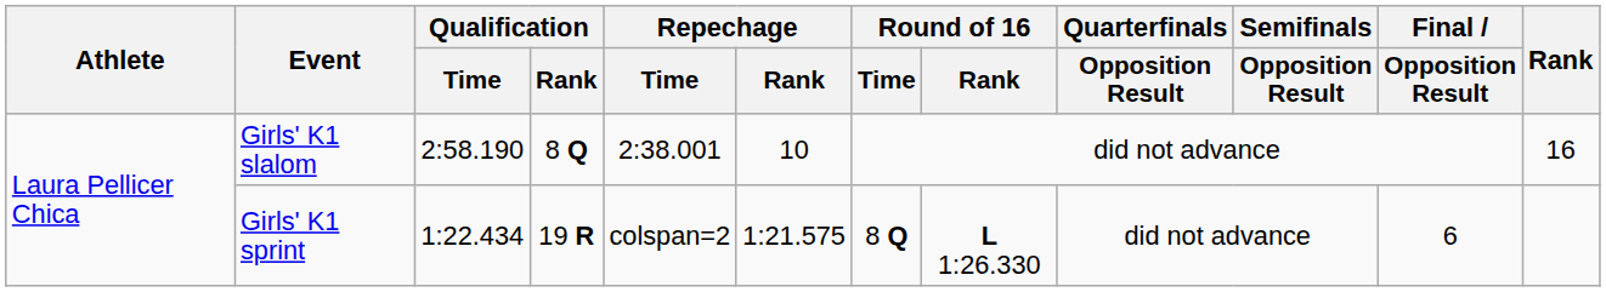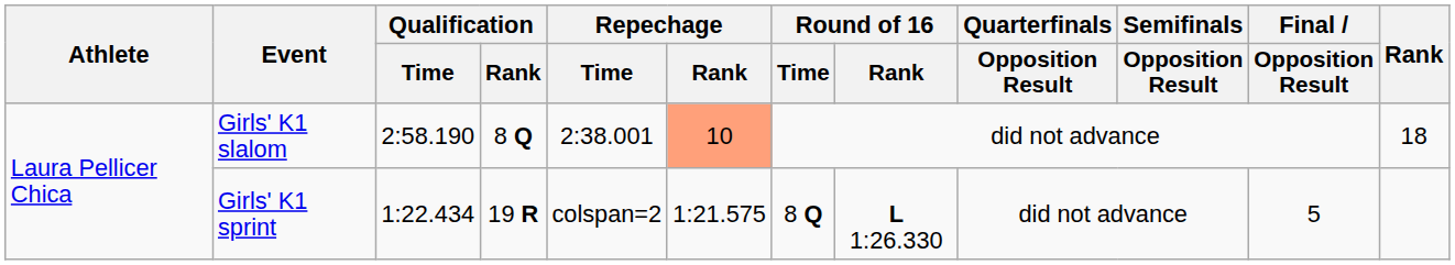 <table class="wikitable" style="font-size:90%;">
 <tr>
 <th rowspan=2>Athlete</th>
 <th rowspan=2>Event</th>
 <th colspan=2>Qualification</th>
 <th colspan=2>Repechage</th>
 <th colspan=2>Round of 16</th>
 <th>Quarterfinals</th>
 <th>Semifinals</th>
 <th>Final / </th>
 <th rowspan=2>Rank</th>
 </tr>
 <tr style="font-size:95%">
 <th>Time</th>
 <th>Rank</th>
 <th>Time</th>
 <th>Rank</th>
 <th>Time</th>
 <th>Rank</th>
 <th>Opposition <br>Result</th>
 <th>Opposition <br>Result</th>
 <th>Opposition <br>Result</th>
 </tr>
 <tr align=center>
 <td rowspan=2 align=left><a href='#'>Laura Pellicer Chica</a></td>
 <td align=left><a href='#'>Girls' K1 slalom</a></td>
 <td>2:58.190</td>
 <td>8 <strong>Q</strong></td>
 <td>2:38.001</td>
-<td>10</td>
+<td style="background: lightsalmon;">10</td>
 <td colspan=5>did not advance</td>
-<td>16</td>
+<td>18</td>
 </tr>
 <tr align=center>
 <td align=left><a href='#'>Girls' K1 sprint</a></td>
 <td>1:22.434</td>
 <td>19 <strong>R</strong></td>
 <td>colspan=2 </td>
 <td>1:21.575</td>
 <td>8 <strong>Q</strong></td>
 <td><br><strong>L</strong> 1:26.330</td>
 <td colspan=2>did not advance</td>
-<td>6</td>
+<td>5</td>
 </tr>
 </table>
